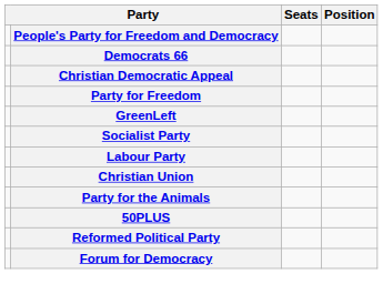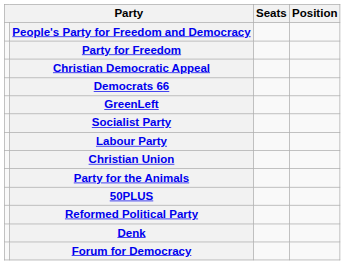 <table class="wikitable" style="text-align:right">
 <tr>
 <th colspan="2">Party</th>
 <th>Seats</th>
 <th>Position</th>
 </tr>
 <tr>
 <td style="background:"></td>
 <th><a href='#'>People's Party for Freedom and Democracy</a></th>
 <td></td>
 <td></td>
 </tr>
 <tr>
 <td style="background:"></td>
-<th><a href='#'>Democrats 66</a></th>
+<th><a href='#'>Party for Freedom</a></th>
 <td></td>
 <td></td>
 </tr>
 <tr>
 <td style="background:"></td>
 <th><a href='#'>Christian Democratic Appeal</a></th>
 <td></td>
 <td></td>
 </tr>
 <tr>
 <td style="background:"></td>
-<th><a href='#'>Party for Freedom</a></th>
+<th><a href='#'>Democrats 66</a></th>
 <td></td>
 <td></td>
 </tr>
 <tr>
 <td style="background:"></td>
 <th><a href='#'>GreenLeft</a></th>
 <td></td>
 <td></td>
 </tr>
 <tr>
 <td style="background:"></td>
 <th><a href='#'>Socialist Party</a></th>
 <td></td>
 <td></td>
 </tr>
 <tr>
 <td style="background:"></td>
 <th><a href='#'>Labour Party</a></th>
 <td></td>
 <td></td>
 </tr>
 <tr>
 <td style="background:"></td>
 <th><a href='#'>Christian Union</a></th>
 <td></td>
 <td></td>
 </tr>
 <tr>
 <td style="background:"></td>
 <th><a href='#'>Party for the Animals</a></th>
 <td></td>
 <td></td>
 </tr>
 <tr>
 <td style="background:"></td>
 <th><a href='#'>50PLUS</a></th>
 <td></td>
 <td></td>
 </tr>
 <tr>
 <td style="background:"></td>
 <th><a href='#'>Reformed Political Party</a></th>
 <td></td>
 <td></td>
 </tr>
 <tr>
 <td style="background:"></td>
+<th><a href='#'>Denk</a></th>
+<td></td>
+<td></td>
+</tr>
+<tr>
+<td style="background:"></td>
 <th><a href='#'>Forum for Democracy</a></th>
 <td></td>
 <td></td>
 </tr>
 </table>
